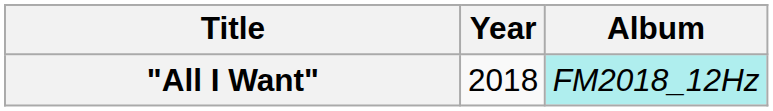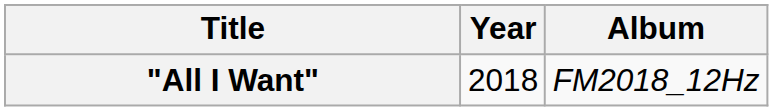 <table class="wikitable plainrowheaders" style="text-align:center;">
 <tr>
 <th style="width:14em;">Title</th>
 <th>Year</th>
 <th>Album</th>
 </tr>
 <tr>
 <th scope="row">"All I Want" <br></th>
 <td>2018</td>
-<td style="background: paleturquoise;"><em>FM2018_12Hz</em></td>
+<td><em>FM2018_12Hz</em></td>
 </tr>
 </table>
